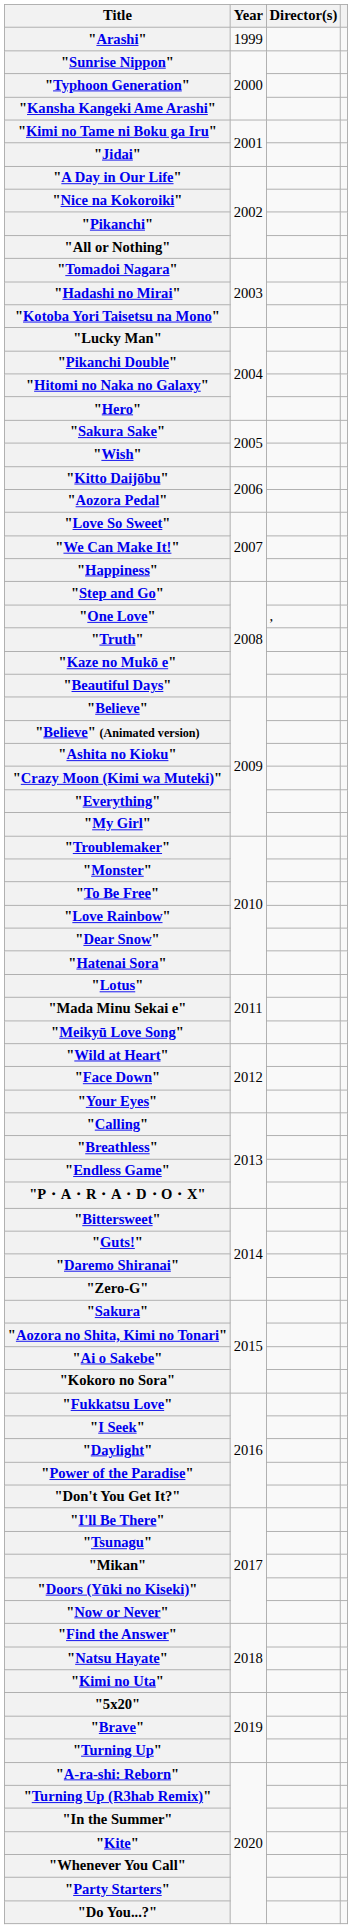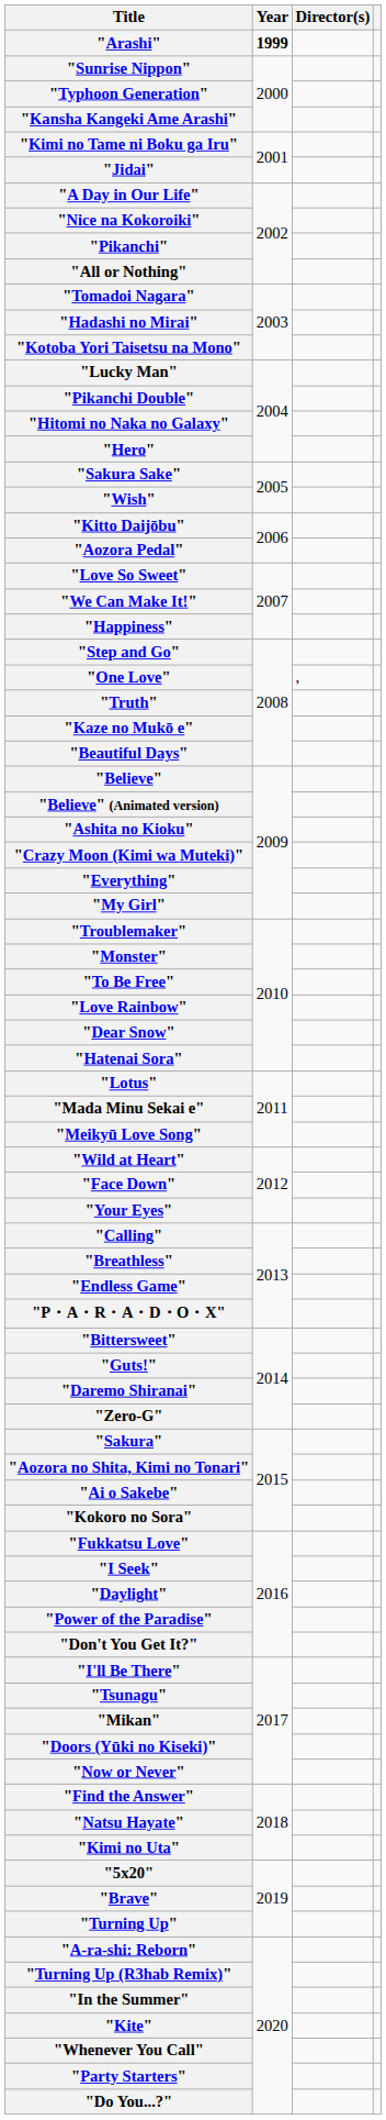 <table class="wikitable plainrowheaders sortable" style="text-align:center;" border="1">
 <tr>
 <th scope="col">Title</th>
 <th scope="col">Year</th>
 <th scope="col">Director(s)</th>
 <th scope="col" class="unsortable"></th>
 </tr>
 <tr>
 <th scope="row">"<a href='#'>Arashi</a>"</th>
-<td style="text-align:center;">1999</td>
+<td style="text-align:center;"><strong>1999</strong></td>
 <td style="text-align:left;"></td>
 <td></td>
 </tr>
 <tr>
 <th scope="row">"<a href='#'>Sunrise Nippon</a>"</th>
 <td rowspan="3" style="text-align:center;">2000</td>
 <td style="text-align:left;"></td>
 <td></td>
 </tr>
 <tr>
 <th scope="row">"<a href='#'>Typhoon Generation</a>"</th>
 <td style="text-align:left;"></td>
 <td></td>
 </tr>
 <tr>
 <th scope="row">"<a href='#'>Kansha Kangeki Ame Arashi</a>"</th>
 <td style="text-align:left;"></td>
 <td></td>
 </tr>
 <tr>
 <th scope="row">"<a href='#'>Kimi no Tame ni Boku ga Iru</a>"</th>
 <td rowspan="2" style="text-align:center;">2001</td>
 <td style="text-align:left;"></td>
 <td></td>
 </tr>
 <tr>
 <th scope="row">"<a href='#'>Jidai</a>"</th>
 <td style="text-align:left;"></td>
 <td></td>
 </tr>
 <tr>
 <th scope="row">"<a href='#'>A Day in Our Life</a>"</th>
 <td rowspan="4" style="text-align:center;">2002</td>
 <td style="text-align:left;"></td>
 <td></td>
 </tr>
 <tr>
 <th scope="row">"<a href='#'>Nice na Kokoroiki</a>"</th>
 <td style="text-align:left;"></td>
 <td></td>
 </tr>
 <tr>
 <th scope="row">"<a href='#'>Pikanchi</a>"</th>
 <td style="text-align:left;"></td>
 <td></td>
 </tr>
 <tr>
 <th scope="row">"All or Nothing"</th>
 <td style="text-align:left;"></td>
 <td></td>
 </tr>
 <tr>
 <th scope="row">"<a href='#'>Tomadoi Nagara</a>"</th>
 <td rowspan="3" style="text-align:center;">2003</td>
 <td style="text-align:left;"></td>
 <td></td>
 </tr>
 <tr>
 <th scope="row">"<a href='#'>Hadashi no Mirai</a>"</th>
 <td style="text-align:left;"></td>
 <td></td>
 </tr>
 <tr>
 <th scope="row">"<a href='#'>Kotoba Yori Taisetsu na Mono</a>"</th>
 <td style="text-align:left;"></td>
 <td></td>
 </tr>
 <tr>
 <th scope="row">"Lucky Man"</th>
 <td rowspan="4" style="text-align:center;">2004</td>
 <td style="text-align:left;"></td>
 <td></td>
 </tr>
 <tr>
 <th scope="row">"<a href='#'>Pikanchi Double</a>"</th>
 <td style="text-align:left;"></td>
 <td></td>
 </tr>
 <tr>
 <th scope="row">"<a href='#'>Hitomi no Naka no Galaxy</a>"</th>
 <td style="text-align:left;"></td>
 <td></td>
 </tr>
 <tr>
 <th scope="row">"<a href='#'>Hero</a>"</th>
 <td style="text-align:left;"></td>
 <td></td>
 </tr>
 <tr>
 <th scope="row">"<a href='#'>Sakura Sake</a>"</th>
 <td rowspan="2" style="text-align:center;">2005</td>
 <td style="text-align:left;"></td>
 <td></td>
 </tr>
 <tr>
 <th scope="row">"<a href='#'>Wish</a>"</th>
 <td style="text-align:left;"></td>
 <td></td>
 </tr>
 <tr>
 <th scope="row">"<a href='#'>Kitto Daijōbu</a>"</th>
 <td rowspan="2" style="text-align:center;">2006</td>
 <td style="text-align:left;"></td>
 <td></td>
 </tr>
 <tr>
 <th scope="row">"<a href='#'>Aozora Pedal</a>"</th>
 <td style="text-align:left;"></td>
 <td></td>
 </tr>
 <tr>
 <th scope="row">"<a href='#'>Love So Sweet</a>"</th>
 <td rowspan="3" style="text-align:center;">2007</td>
 <td style="text-align:left;"></td>
 <td></td>
 </tr>
 <tr>
 <th scope="row">"<a href='#'>We Can Make It!</a>"</th>
 <td style="text-align:left;"></td>
 <td></td>
 </tr>
 <tr>
 <th scope="row">"<a href='#'>Happiness</a>"</th>
 <td style="text-align:left;"></td>
 <td></td>
 </tr>
 <tr>
 <th scope="row">"<a href='#'>Step and Go</a>"</th>
 <td rowspan="5" style="text-align:center;">2008</td>
 <td style="text-align:left;"></td>
 <td></td>
 </tr>
 <tr>
 <th scope="row">"<a href='#'>One Love</a>"</th>
 <td style="text-align:left;">, </td>
 <td></td>
 </tr>
 <tr>
 <th scope="row">"<a href='#'>Truth</a>"</th>
 <td style="text-align:left;"></td>
 <td></td>
 </tr>
 <tr>
 <th scope="row">"<a href='#'>Kaze no Mukō e</a>"</th>
 <td style="text-align:left;"></td>
 <td></td>
 </tr>
 <tr>
 <th scope="row">"<a href='#'>Beautiful Days</a>"</th>
 <td style="text-align:left;"></td>
 <td></td>
 </tr>
 <tr>
 <th scope="row">"<a href='#'>Believe</a>"</th>
 <td rowspan="6" style="text-align:center;">2009</td>
 <td style="text-align:left;"></td>
 <td></td>
 </tr>
 <tr>
 <th scope="row">"<a href='#'>Believe</a>" <small>(Animated version)</small></th>
 <td style="text-align:left;"></td>
 <td></td>
 </tr>
 <tr>
 <th scope="row">"<a href='#'>Ashita no Kioku</a>"</th>
 <td style="text-align:left;"></td>
 <td></td>
 </tr>
 <tr>
 <th scope="row">"<a href='#'>Crazy Moon (Kimi wa Muteki)</a>"</th>
 <td style="text-align:left;"></td>
 <td></td>
 </tr>
 <tr>
 <th scope="row">"<a href='#'>Everything</a>"</th>
 <td style="text-align:left;"></td>
 <td></td>
 </tr>
 <tr>
 <th scope="row">"<a href='#'>My Girl</a>"</th>
 <td style="text-align:left;"></td>
 <td></td>
 </tr>
 <tr>
 <th scope="row">"<a href='#'>Troublemaker</a>"</th>
 <td rowspan="6" style="text-align:center;">2010</td>
 <td style="text-align:left;"></td>
 <td></td>
 </tr>
 <tr>
 <th scope="row">"<a href='#'>Monster</a>"</th>
 <td style="text-align:left;"></td>
 <td></td>
 </tr>
 <tr>
 <th scope="row">"<a href='#'>To Be Free</a>"</th>
 <td style="text-align:left;"></td>
 <td></td>
 </tr>
 <tr>
 <th scope="row">"<a href='#'>Love Rainbow</a>"</th>
 <td style="text-align:left;"></td>
 <td></td>
 </tr>
 <tr>
 <th scope="row">"<a href='#'>Dear Snow</a>"</th>
 <td style="text-align:left;"></td>
 <td></td>
 </tr>
 <tr>
 <th scope="row">"<a href='#'>Hatenai Sora</a>"</th>
 <td style="text-align:left;"></td>
 <td></td>
 </tr>
 <tr>
 <th scope="row">"<a href='#'>Lotus</a>"</th>
 <td rowspan="3" style="text-align:center;">2011</td>
 <td style="text-align:left;"></td>
 <td></td>
 </tr>
 <tr>
 <th scope="row">"Mada Minu Sekai e"</th>
 <td style="text-align:left;"></td>
 <td></td>
 </tr>
 <tr>
 <th scope="row">"<a href='#'>Meikyū Love Song</a>"</th>
 <td style="text-align:left;"></td>
 <td></td>
 </tr>
 <tr>
 <th scope="row">"<a href='#'>Wild at Heart</a>"</th>
 <td rowspan="3" style="text-align:center;">2012</td>
 <td style="text-align:left;"></td>
 <td></td>
 </tr>
 <tr>
 <th scope="row">"<a href='#'>Face Down</a>"</th>
 <td style="text-align:left;"></td>
 <td></td>
 </tr>
 <tr>
 <th scope="row">"<a href='#'>Your Eyes</a>"</th>
 <td style="text-align:left;"></td>
 <td></td>
 </tr>
 <tr>
 <th scope="row">"<a href='#'>Calling</a>"</th>
 <td rowspan="4" style="text-align:center;">2013</td>
 <td style="text-align:left;"></td>
 <td></td>
 </tr>
 <tr>
 <th scope="row">"<a href='#'>Breathless</a>"</th>
 <td style="text-align:left;"></td>
 <td></td>
 </tr>
 <tr>
 <th scope="row">"<a href='#'>Endless Game</a>"</th>
 <td style="text-align:left;"></td>
 <td></td>
 </tr>
 <tr>
 <th scope="row">"P・A・R・A・D・O・X"</th>
 <td style="text-align:left;"></td>
 <td></td>
 </tr>
 <tr>
 <th scope="row">"<a href='#'>Bittersweet</a>"</th>
 <td rowspan="4" style="text-align:center;">2014</td>
 <td style="text-align:left;"></td>
 <td></td>
 </tr>
 <tr>
 <th scope="row">"<a href='#'>Guts!</a>"</th>
 <td style="text-align:left;"></td>
 <td></td>
 </tr>
 <tr>
 <th scope="row">"<a href='#'>Daremo Shiranai</a>"</th>
 <td style="text-align:left;"></td>
 <td></td>
 </tr>
 <tr>
 <th scope="row">"Zero-G"</th>
 <td style="text-align:left;"></td>
 <td></td>
 </tr>
 <tr>
 <th scope="row">"<a href='#'>Sakura</a>"</th>
 <td rowspan="4" style="text-align:center;">2015</td>
 <td style="text-align:left;"></td>
 <td></td>
 </tr>
 <tr>
 <th scope="row">"<a href='#'>Aozora no Shita, Kimi no Tonari</a>"</th>
 <td style="text-align:left;"></td>
 <td></td>
 </tr>
 <tr>
 <th scope="row">"<a href='#'>Ai o Sakebe</a>"</th>
 <td style="text-align:left;"></td>
 <td></td>
 </tr>
 <tr>
 <th scope="row">"Kokoro no Sora"</th>
 <td style="text-align:left;"></td>
 <td></td>
 </tr>
 <tr>
 <th scope="row">"<a href='#'>Fukkatsu Love</a>"</th>
 <td rowspan="5" style="text-align:center;">2016</td>
 <td style="text-align:left;"></td>
 <td></td>
 </tr>
 <tr>
 <th scope="row">"<a href='#'>I Seek</a>"</th>
 <td style="text-align:left;"></td>
 <td></td>
 </tr>
 <tr>
 <th scope="row">"<a href='#'>Daylight</a>"</th>
 <td style="text-align:left;"></td>
 <td></td>
 </tr>
 <tr>
 <th scope="row">"<a href='#'>Power of the Paradise</a>"</th>
 <td style="text-align:left;"></td>
 <td></td>
 </tr>
 <tr>
 <th scope="row">"Don't You Get It?"</th>
 <td style="text-align:left;"></td>
 <td></td>
 </tr>
 <tr>
 <th scope="row">"<a href='#'>I'll Be There</a>"</th>
 <td rowspan="5" style="text-align:center;">2017</td>
 <td style="text-align:left;"></td>
 <td></td>
 </tr>
 <tr>
 <th scope="row">"<a href='#'>Tsunagu</a>"</th>
 <td style="text-align:left;"></td>
 <td></td>
 </tr>
 <tr>
 <th scope="row">"Mikan"</th>
 <td style="text-align:left;"></td>
 <td></td>
 </tr>
 <tr>
 <th scope="row">"<a href='#'>Doors (Yūki no Kiseki)</a>"</th>
 <td style="text-align:left;"></td>
 <td></td>
 </tr>
 <tr>
 <th scope="row">"<a href='#'>Now or Never</a>"</th>
 <td style="text-align:left;"></td>
 <td></td>
 </tr>
 <tr>
 <th scope="row">"<a href='#'>Find the Answer</a>"</th>
 <td rowspan="3" style="text-align:center;">2018</td>
 <td style="text-align:left;"></td>
 <td></td>
 </tr>
 <tr>
 <th scope="row">"<a href='#'>Natsu Hayate</a>"</th>
 <td style="text-align:left;"></td>
 <td></td>
 </tr>
 <tr>
 <th scope="row">"<a href='#'>Kimi no Uta</a>"</th>
 <td style="text-align:left;"></td>
 <td></td>
 </tr>
 <tr>
 <th scope="row">"5x20"</th>
 <td rowspan="3" style="text-align:center;">2019</td>
 <td style="text-align:left;"></td>
 <td></td>
 </tr>
 <tr>
 <th scope="row">"<a href='#'>Brave</a>"</th>
 <td style="text-align:left;"></td>
 <td></td>
 </tr>
 <tr>
 <th scope="row">"<a href='#'>Turning Up</a>"</th>
 <td style="text-align:left;"></td>
 <td></td>
 </tr>
 <tr>
 <th scope="row">"<a href='#'>A-ra-shi: Reborn</a>"</th>
 <td rowspan="7" style="text-align:center;">2020</td>
 <td style="text-align:left;"></td>
 <td></td>
 </tr>
 <tr>
 <th scope="row">"<a href='#'>Turning Up (R3hab Remix)</a>"</th>
 <td style="text-align:left;"></td>
 <td></td>
 </tr>
 <tr>
 <th scope="row">"In the Summer"</th>
 <td style="text-align:left;"></td>
 <td></td>
 </tr>
 <tr>
 <th scope="row">"<a href='#'>Kite</a>"</th>
 <td style="text-align:left;"></td>
 <td></td>
 </tr>
 <tr>
 <th scope="row">"Whenever You Call"</th>
 <td style="text-align:left;"></td>
 <td></td>
 </tr>
 <tr>
 <th scope="row">"<a href='#'>Party Starters</a>"</th>
 <td style="text-align:left;"></td>
 <td></td>
 </tr>
 <tr>
 <th scope="row">"Do You...?"</th>
 <td style="text-align:left;"></td>
 <td></td>
 </tr>
 </table>
